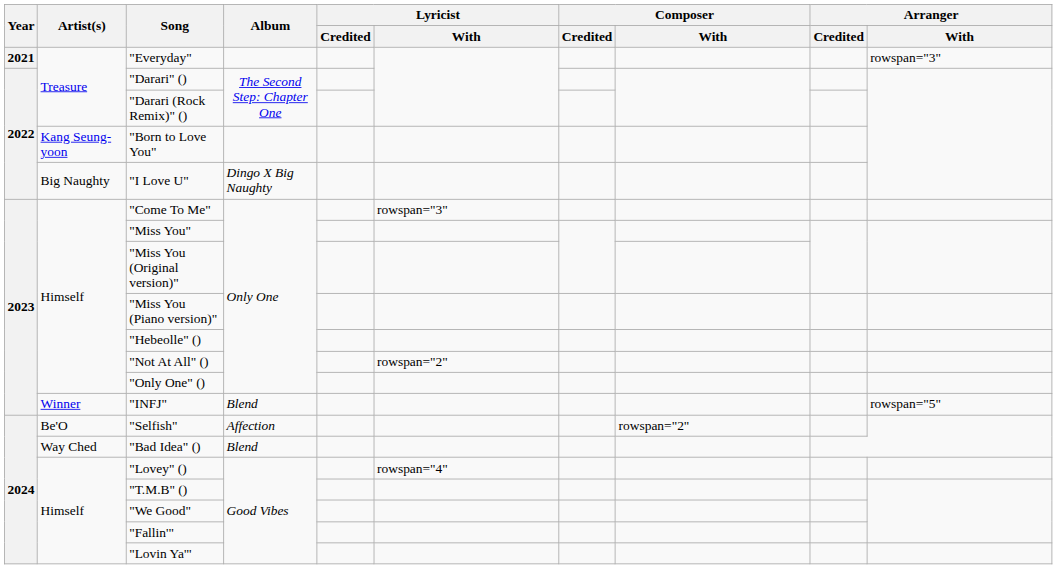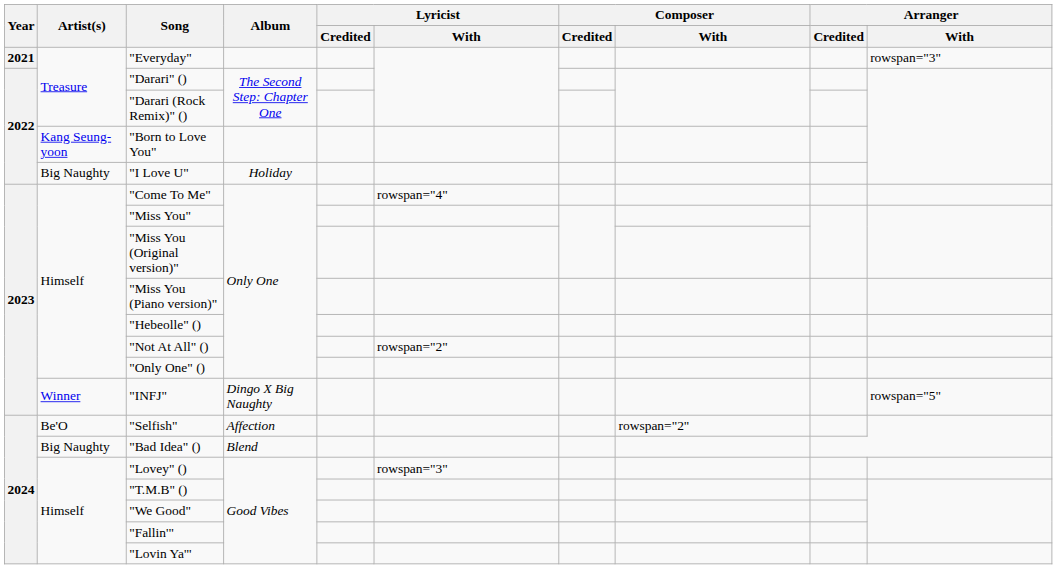 <table class="wikitable sortable plainrowheaders">
 <tr>
 <th rowspan="2">Year</th>
 <th rowspan="2" style="width:7em;">Artist(s)</th>
 <th rowspan="2" style="width:7.5em;">Song</th>
 <th rowspan="2" style="width:7.5em;">Album</th>
 <th colspan="2">Lyricist</th>
 <th colspan="2">Composer</th>
 <th colspan="2">Arranger</th>
 </tr>
 <tr>
 <th>Credited</th>
 <th style="width:16em;">With</th>
 <th>Credited</th>
 <th style="width:17em;">With</th>
 <th>Credited</th>
 <th style="width:16em;">With</th>
 </tr>
 <tr>
 <th scope="row">2021</th>
 <td rowspan="3"><a href='#'>Treasure</a></td>
 <td>"Everyday"</td>
 <td></td>
 <td></td>
 <td rowspan="3" style="text-align:center"></td>
 <td></td>
 <td style="text-align:center"></td>
 <td></td>
 <td>rowspan="3" </td>
 </tr>
 <tr>
 <th rowspan="4" scope="row">2022</th>
 <td>"Darari" ()</td>
 <td rowspan="2" style="text-align:center"><em><a href='#'>The Second Step: Chapter One</a></em></td>
 <td></td>
 <td></td>
 <td rowspan="2" style="text-align:center"></td>
 <td></td>
 </tr>
 <tr>
 <td>"Darari (Rock Remix)" ()</td>
 <td></td>
 <td></td>
 <td></td>
 </tr>
 <tr>
 <td><a href='#'>Kang Seung-yoon</a></td>
 <td>"Born to Love You"</td>
 <td></td>
 <td></td>
 <td></td>
 <td></td>
 <td style="text-align:center"></td>
 <td></td>
 </tr>
 <tr>
 <td>Big Naughty<br></td>
 <td>"I Love U"</td>
-<td><em>Dingo X Big Naughty</em></td>
+<td style="text-align:center"><em>Holiday</em></td>
 <td></td>
 <td style="text-align:center"></td>
 <td></td>
 <td style="text-align:center"></td>
 <td></td>
 </tr>
 <tr>
 <th rowspan="8" scope="row">2023</th>
 <td rowspan="7">Himself</td>
 <td>"Come To Me"</td>
 <td rowspan="7"><em>Only One</em></td>
 <td></td>
-<td>rowspan="3" </td>
+<td>rowspan="4" </td>
 <td></td>
 <td style="text-align:center"></td>
 <td></td>
 <td style="text-align:center"></td>
 </tr>
 <tr>
 <td>"Miss You"</td>
 <td></td>
 <td></td>
 <td rowspan="2" style="text-align:center"></td>
 <td></td>
 <td rowspan="2" style="text-align:center"></td>
 </tr>
 <tr>
 <td>"Miss You (Original version)"</td>
 <td></td>
 <td></td>
 <td></td>
 </tr>
 <tr>
 <td>"Miss You (Piano version)"</td>
 <td></td>
 <td style="text-align:center"></td>
 <td></td>
 <td style="text-align:center"></td>
 <td></td>
 <td></td>
 </tr>
 <tr>
 <td>"Hebeolle" ()</td>
 <td></td>
 <td style="text-align:center"></td>
 <td></td>
 <td style="text-align:center"></td>
 <td></td>
 <td style="text-align:center"></td>
 </tr>
 <tr>
 <td>"Not At All" ()</td>
 <td></td>
 <td>rowspan="2" </td>
 <td></td>
 <td style="text-align:center"></td>
 <td></td>
 <td style="text-align:center"></td>
 </tr>
 <tr>
 <td>"Only One" ()</td>
 <td></td>
 <td></td>
 <td style="text-align:center"></td>
 <td></td>
 <td style="text-align:center"></td>
 </tr>
 <tr>
 <td><a href='#'>Winner</a></td>
 <td>"INFJ"</td>
-<td><em>Blend</em></td>
+<td><em>Dingo X Big Naughty</em></td>
 <td></td>
 <td style="text-align:center"></td>
 <td></td>
 <td style="text-align:center"></td>
 <td></td>
 <td>rowspan="5" </td>
 </tr>
 <tr>
 <th rowspan="7" scope="row">2024</th>
 <td>Be'O<br></td>
 <td>"Selfish"</td>
 <td><em>Affection</em></td>
 <td></td>
 <td style="text-align:center"></td>
 <td></td>
 <td>rowspan="2" </td>
 <td></td>
 </tr>
 <tr>
-<td>Way Ched<br></td>
+<td>Big Naughty<br></td>
 <td>"Bad Idea" ()</td>
 <td><em>Blend</em></td>
 <td></td>
 <td style="text-align:center"></td>
 <td></td>
 <td></td>
 </tr>
 <tr>
 <td rowspan="5">Himself</td>
 <td>"Lovey" ()</td>
 <td rowspan="5"><em>Good Vibes</em></td>
 <td></td>
-<td>rowspan="4" </td>
+<td>rowspan="3" </td>
 <td></td>
 <td style="text-align:center"></td>
 <td></td>
 <td style="text-align:center"></td>
 </tr>
 <tr>
 <td>"T.M.B" ()</td>
 <td></td>
 <td></td>
 <td style="text-align:center"></td>
 <td></td>
 <td style="text-align:center"></td>
 </tr>
 <tr>
 <td>"We Good"</td>
 <td></td>
 <td></td>
 <td style="text-align:center"></td>
 <td></td>
 <td style="text-align:center"></td>
 </tr>
 <tr>
 <td>"Fallin'"</td>
 <td></td>
 <td></td>
 <td style="text-align:center"></td>
 <td></td>
 <td style="text-align:center"></td>
 </tr>
 <tr>
 <td>"Lovin Ya'"</td>
 <td></td>
 <td style="text-align:center"></td>
 <td></td>
 <td style="text-align:center"></td>
 <td></td>
 <td style="text-align:center"></td>
 </tr>
 </table>
